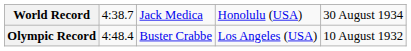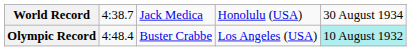 <table class="wikitable" style="font-size:95%;">
 <tr>
 <th>World Record</th>
 <td>4:38.7</td>
 <td> <a href='#'>Jack Medica</a></td>
 <td><a href='#'>Honolulu</a> (<a href='#'>USA</a>)</td>
 <td>30 August 1934</td>
 </tr>
 <tr>
 <th>Olympic Record</th>
 <td>4:48.4</td>
 <td> <a href='#'>Buster Crabbe</a></td>
 <td><a href='#'>Los Angeles</a> (<a href='#'>USA</a>)</td>
-<td>10 August 1932</td>
+<td style="background: paleturquoise;">10 August 1932</td>
 </tr>
 </table>
